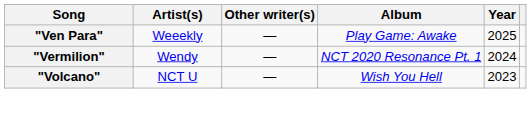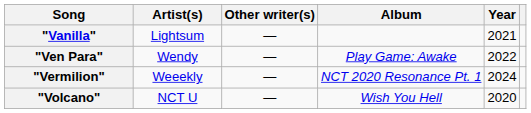 <table class="wikitable sortable plainrowheaders" style="text-align:center;">
 <tr>
 <th scope="col" width="150">Song</th>
 <th scope="col" width="100">Artist(s)</th>
 <th scope="col" class="unsortable">Other writer(s)</th>
 <th scope="col" data-sort-type="text">Album</th>
 <th scope="col">Year</th>
 <th scope="col" class="unsortable"></th>
 </tr>
 <tr>
+<th scope="row">"<a href='#'>Vanilla</a>"</th>
+<td><a href='#'>Lightsum</a></td>
+<td>—</td>
+<td></td>
+<td>2021</td>
+<td style="text-align:center;"></td>
+</tr>
+<tr>
 <th scope="row">"Ven Para"</th>
-<td><a href='#'>Weeekly</a></td>
+<td><a href='#'>Wendy</a></td>
 <td>—</td>
 <td><em><a href='#'>Play Game: Awake</a></em></td>
-<td>2025</td>
+<td>2022</td>
 <td style="text-align:center;"></td>
 </tr>
 <tr>
 <th scope="row">"Vermilion"</th>
-<td><a href='#'>Wendy</a></td>
+<td><a href='#'>Weeekly</a></td>
 <td>—</td>
 <td><em><a href='#'>NCT 2020 Resonance Pt. 1</a></em></td>
 <td>2024</td>
 <td style="text-align:center;"></td>
 </tr>
 <tr>
 <th scope="row">"Volcano"</th>
 <td><a href='#'>NCT U</a></td>
 <td>—</td>
 <td><em><a href='#'>Wish You Hell</a></em></td>
-<td>2023</td>
+<td>2020</td>
 <td style="text-align:center;"></td>
 </tr>
 </table>
